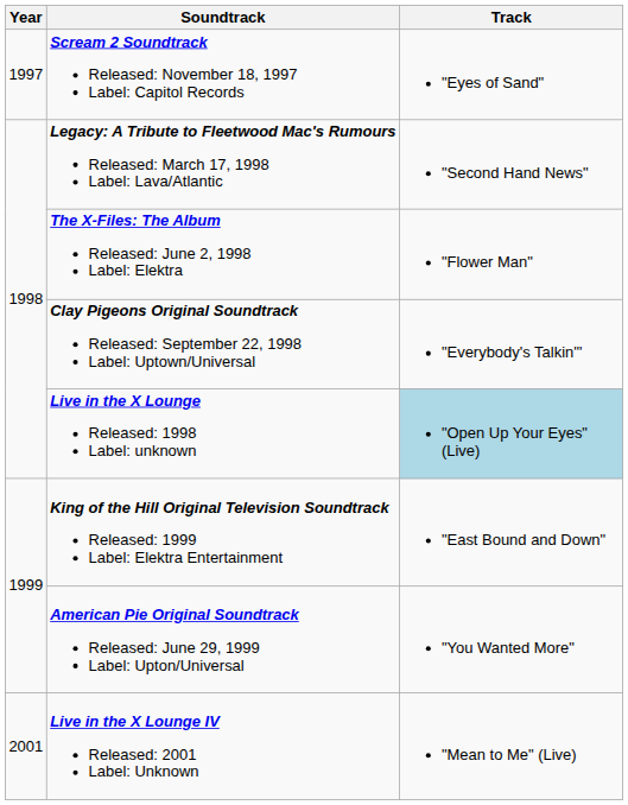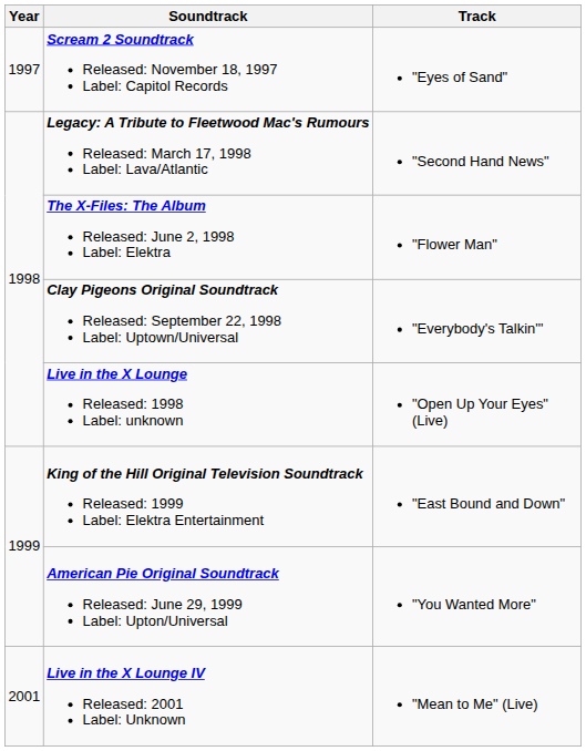 <table class="wikitable">
 <tr>
 <th>Year</th>
 <th>Soundtrack</th>
 <th width="225">Track</th>
 </tr>
 <tr>
 <td>1997</td>
 <td><strong><em><a href='#'>Scream 2 Soundtrack</a></em></strong><br><ul><li>Released: November 18, 1997</li><li>Label: Capitol Records</li></ul></td>
 <td><br><ul><li>"Eyes of Sand"</li></ul></td>
 </tr>
 <tr>
 <td rowspan="4">1998</td>
 <td><strong><em>Legacy: A Tribute to Fleetwood Mac's Rumours</em></strong><br><ul><li>Released: March 17, 1998</li><li>Label: Lava/Atlantic</li></ul></td>
 <td><br><ul><li>"Second Hand News"</li></ul></td>
 </tr>
 <tr>
 <td><strong><em><a href='#'>The X-Files: The Album</a></em></strong><br><ul><li>Released: June 2, 1998</li><li>Label: Elektra</li></ul></td>
 <td><br><ul><li>"Flower Man"</li></ul></td>
 </tr>
 <tr>
 <td><strong><em>Clay Pigeons Original Soundtrack</em></strong><br><ul><li>Released: September 22, 1998</li><li>Label: Uptown/Universal</li></ul></td>
 <td><br><ul><li>"Everybody's Talkin'"</li></ul></td>
 </tr>
 <tr>
 <td><strong><em><a href='#'>Live in the X Lounge</a></em></strong><br><ul><li>Released: 1998</li><li>Label: unknown</li></ul></td>
-<td style="background: lightblue;"><br><ul><li>"Open Up Your Eyes" (Live)</li></ul></td>
+<td><br><ul><li>"Open Up Your Eyes" (Live)</li></ul></td>
 </tr>
 <tr>
 <td rowspan="2">1999</td>
 <td><br><strong><em>King of the Hill Original Television Soundtrack</em></strong><ul><li>Released: 1999</li><li>Label: Elektra Entertainment</li></ul></td>
 <td><br><ul><li>"East Bound and Down"</li></ul></td>
 </tr>
 <tr>
 <td><br><strong><em><a href='#'>American Pie Original Soundtrack</a></em></strong><ul><li>Released: June 29, 1999</li><li>Label: Upton/Universal</li></ul></td>
 <td><br><ul><li>"You Wanted More"</li></ul></td>
 </tr>
 <tr>
 <td>2001</td>
 <td><br><strong><em><a href='#'>Live in the X Lounge IV</a></em></strong><ul><li>Released: 2001</li><li>Label: Unknown</li></ul></td>
 <td><br><ul><li>"Mean to Me" (Live)</li></ul></td>
 </tr>
 </table>
